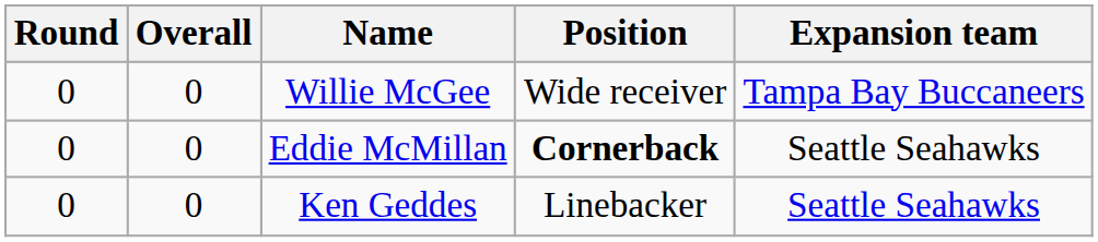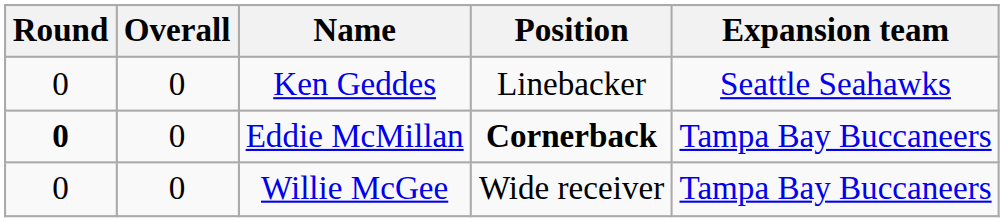 <table class="wikitable" style="text-align:center">
 <tr>
 <th>Round</th>
 <th>Overall</th>
 <th>Name</th>
 <th>Position</th>
 <th>Expansion team</th>
 </tr>
 <tr>
 <td>0</td>
 <td>0</td>
-<td><a href='#'>Willie McGee</a></td>
-<td>Wide receiver</td>
+<td><a href='#'>Ken Geddes</a></td>
+<td>Linebacker</td>
+<td><a href='#'>Seattle Seahawks</a></td>
+</tr>
+<tr>
+<td><strong>0</strong></td>
+<td>0</td>
+<td><a href='#'>Eddie McMillan</a></td>
+<td><strong>Cornerback</strong></td>
 <td><a href='#'>Tampa Bay Buccaneers</a></td>
 </tr>
 <tr>
 <td>0</td>
 <td>0</td>
-<td><a href='#'>Eddie McMillan</a></td>
-<td><strong>Cornerback</strong></td>
-<td>Seattle Seahawks</td>
-</tr>
-<tr>
-<td>0</td>
-<td>0</td>
-<td><a href='#'>Ken Geddes</a></td>
-<td>Linebacker</td>
-<td><a href='#'>Seattle Seahawks</a></td>
+<td><a href='#'>Willie McGee</a></td>
+<td>Wide receiver</td>
+<td><a href='#'>Tampa Bay Buccaneers</a></td>
 </tr>
 </table>
